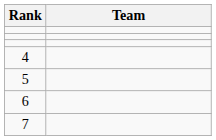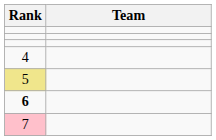 <table class="wikitable" style="text-align:center;">
 <tr>
 <th width=40>Rank</th>
 <th width=180>Team</th>
 </tr>
 <tr>
 <td></td>
 <td align=left></td>
 </tr>
 <tr>
 <td></td>
 <td align=left></td>
 </tr>
 <tr>
 <td></td>
 <td align=left></td>
 </tr>
 <tr>
 <td>4</td>
 <td align=left></td>
 </tr>
 <tr>
-<td>5</td>
+<td style="background: khaki;">5</td>
 <td align=left></td>
 </tr>
 <tr>
-<td>6</td>
+<td><strong>6</strong></td>
 <td align=left></td>
 </tr>
 <tr>
-<td>7</td>
+<td style="background: pink;">7</td>
 <td align=left></td>
 </tr>
 </table>
